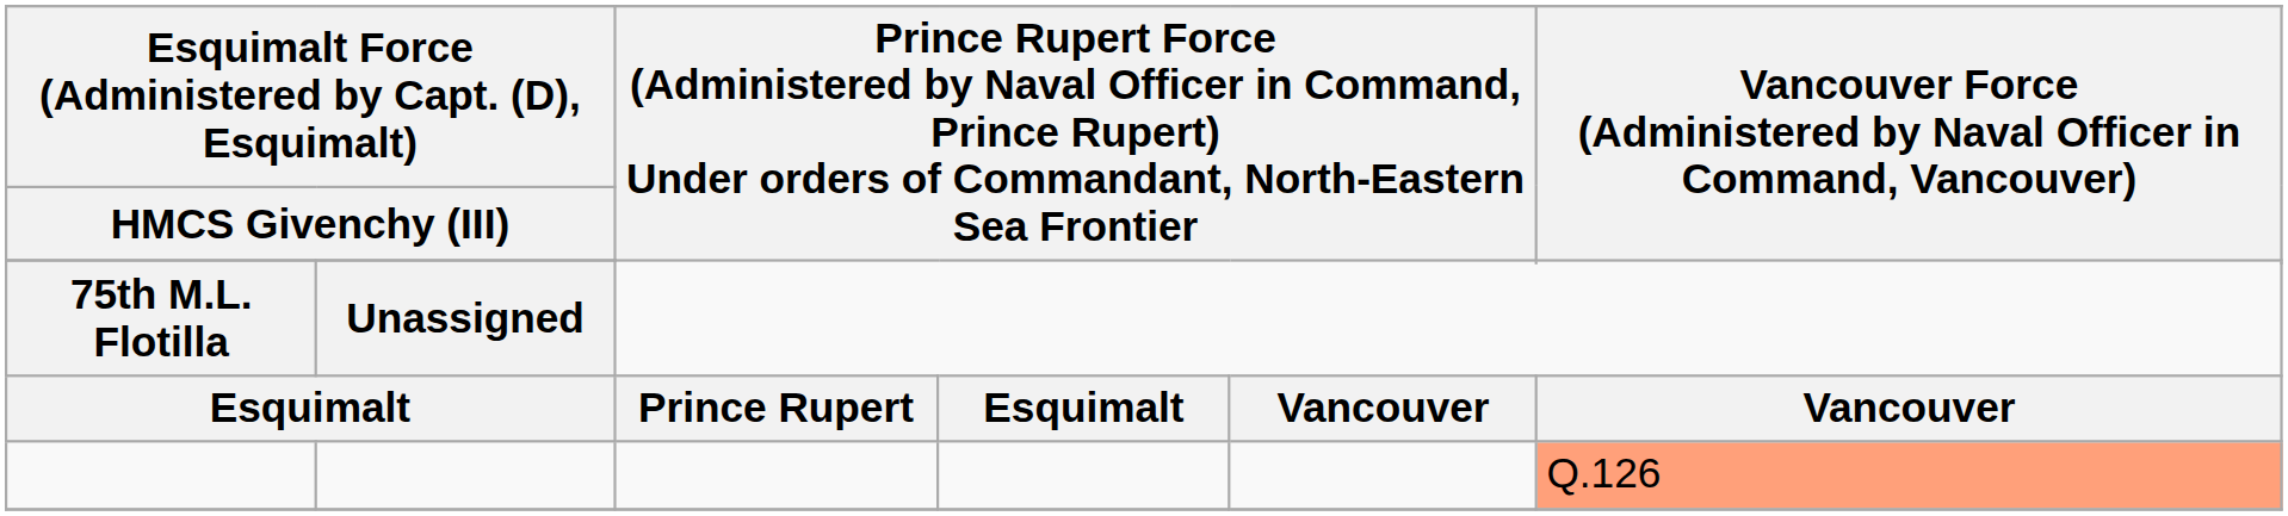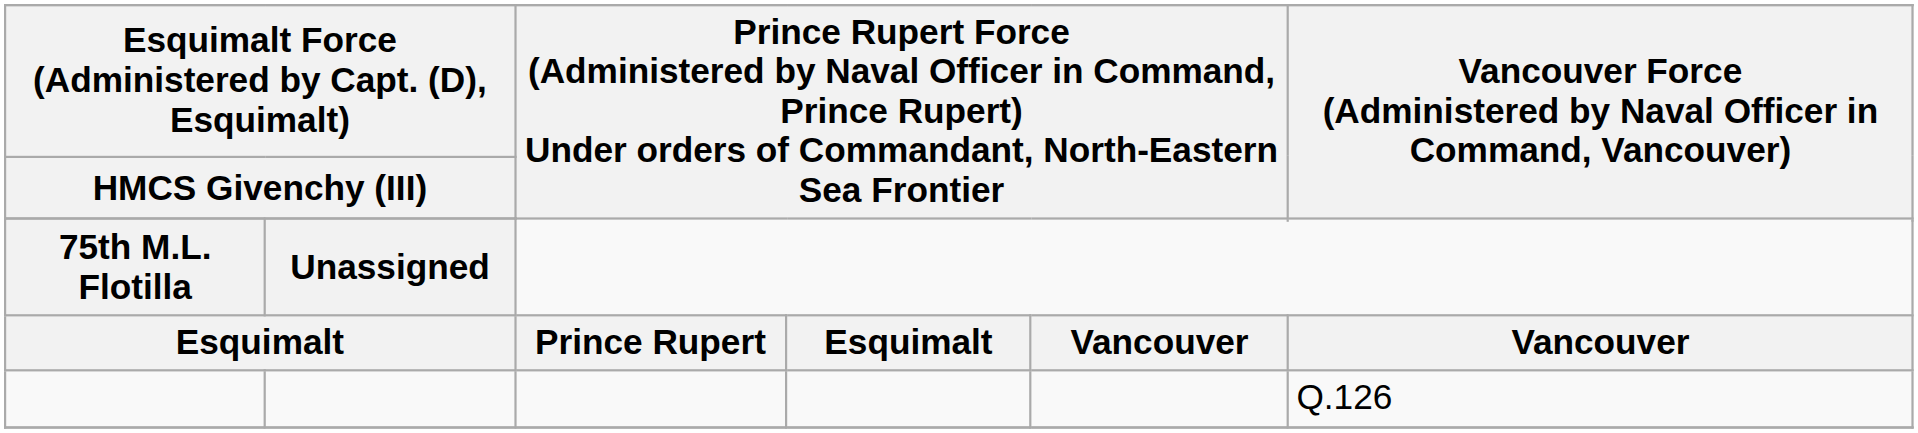 <table class="wikitable">
 <tr>
 </tr>
 <tr>
 <th colspan="2">Esquimalt Force<br>(Administered by Capt. (D), Esquimalt)</th>
 <th colspan="3" rowspan="3">Prince Rupert Force<br>(Administered by Naval Officer in Command, Prince Rupert)<br>Under orders of Commandant, North-Eastern Sea Frontier</th>
 <th rowspan="3">Vancouver Force<br>(Administered by Naval Officer in Command, Vancouver)</th>
 </tr>
 <tr>
 <th colspan="2" rowspan="1">HMCS Givenchy (III)</th>
 </tr>
 <tr>
 </tr>
 <tr>
 </tr>
 <tr>
 <th>75th M.L. Flotilla</th>
 <th>Unassigned</th>
 </tr>
 <tr>
 <th colspan="2">Esquimalt</th>
 <th>Prince Rupert</th>
 <th>Esquimalt</th>
 <th>Vancouver</th>
 <th>Vancouver</th>
 </tr>
 <tr>
 <td></td>
 <td></td>
 <td></td>
 <td></td>
 <td></td>
-<td style="background: lightsalmon;">Q.126</td>
+<td>Q.126</td>
 </tr>
 <tr>
 </tr>
 </table>
